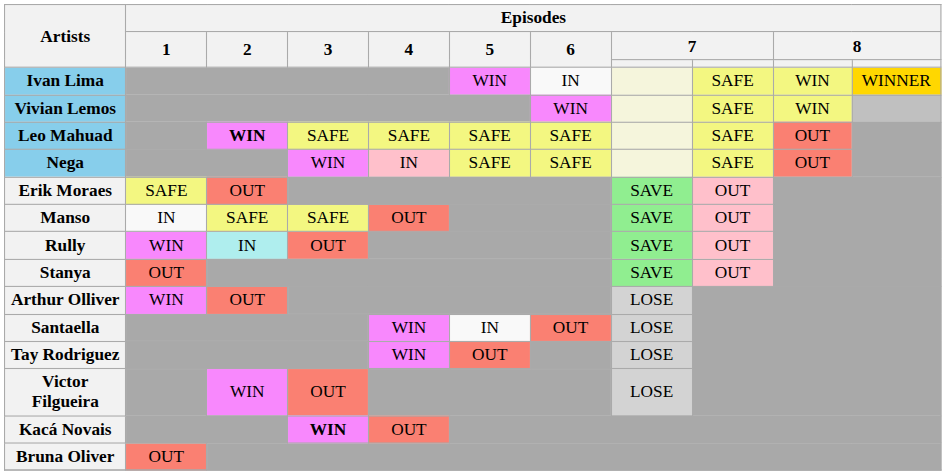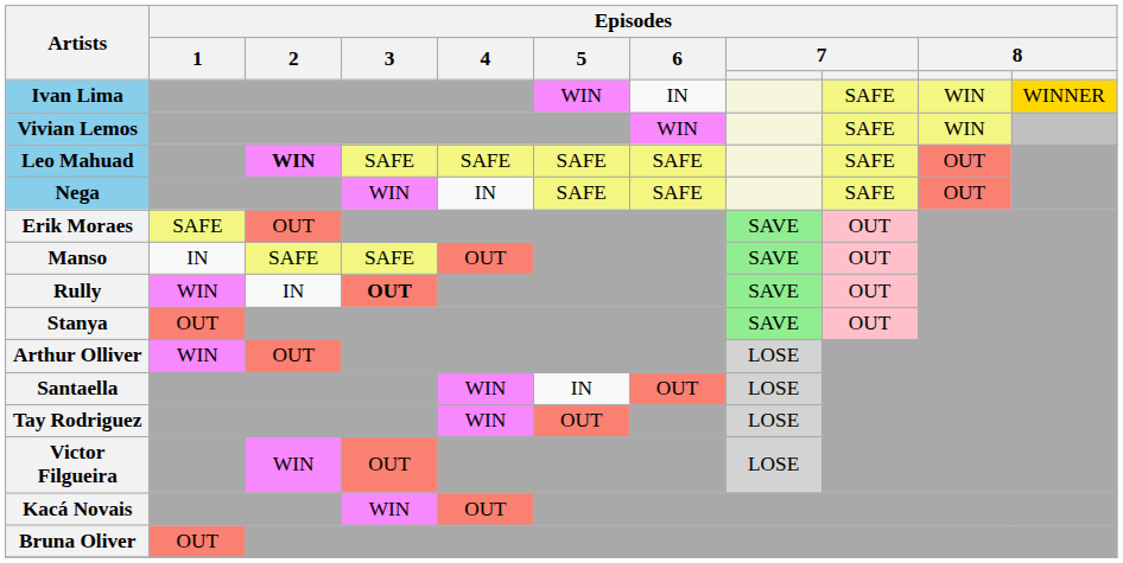 <table class="wikitable" style="text-align:center;">
 <tr>
 <th rowspan=03 width=120>Artists</th>
 <th colspan=10>Episodes</th>
 </tr>
 <tr>
 <th rowspan=2 width=80>1</th>
 <th rowspan=2 width=80>2</th>
 <th rowspan=2 width=80>3</th>
 <th rowspan=2 width=80>4</th>
 <th rowspan=2 width=80>5</th>
 <th rowspan=2 width=80>6</th>
 <th colspan=2>7</th>
 <th colspan=2>8</th>
 </tr>
 <tr>
 <th width=80></th>
 <th width=80></th>
 <th width=80></th>
 <th width=80></th>
 </tr>
 <tr>
 <td bgcolor=87CEEB><strong>Ivan Lima</strong></td>
 <td bgcolor=A9A9A9 colspan=4></td>
 <td bgcolor=F888FD>WIN</td>
 <td>IN</td>
 <td bgcolor=F5F5DC></td>
 <td bgcolor=F3F781>SAFE</td>
 <td bgcolor=F3F781>WIN</td>
 <td bgcolor=FFD700>WINNER</td>
 </tr>
 <tr>
 <td bgcolor=87CEEB><strong>Vivian Lemos</strong></td>
 <td bgcolor=A9A9A9 colspan=5></td>
 <td bgcolor=F888FD>WIN</td>
 <td bgcolor=F5F5DC></td>
 <td bgcolor=F3F781>SAFE</td>
 <td bgcolor=F3F781>WIN</td>
 <td bgcolor=C0C0C0></td>
 </tr>
 <tr>
 <td bgcolor=87CEEB><strong>Leo Mahuad</strong></td>
 <td bgcolor=A9A9A9></td>
 <td bgcolor=F888FD><strong>WIN</strong></td>
 <td bgcolor=F3F781>SAFE</td>
 <td bgcolor=F3F781>SAFE</td>
 <td bgcolor=F3F781>SAFE</td>
 <td bgcolor=F3F781>SAFE</td>
 <td bgcolor=F5F5DC></td>
 <td bgcolor=F3F781>SAFE</td>
 <td bgcolor=FA8072>OUT</td>
 <td bgcolor=A9A9A9 rowspan=2></td>
 </tr>
 <tr>
 <td bgcolor=87CEEB><strong>Nega</strong></td>
 <td bgcolor=A9A9A9 colspan=2></td>
 <td bgcolor=F888FD>WIN</td>
-<td style="background: pink;">IN</td>
+<td>IN</td>
 <td bgcolor=F3F781>SAFE</td>
 <td bgcolor=F3F781>SAFE</td>
 <td bgcolor=F5F5DC></td>
 <td bgcolor=F3F781>SAFE</td>
 <td bgcolor=FA8072>OUT</td>
 </tr>
 <tr>
 <th>Erik Moraes</th>
 <td bgcolor=F3F781>SAFE</td>
 <td bgcolor=FA8072>OUT</td>
 <td bgcolor=A9A9A9 colspan=4></td>
 <td bgcolor=90EE90>SAVE</td>
 <td bgcolor=FFC0CB>OUT</td>
 <td bgcolor=A9A9A9 colspan=2 rowspan=4></td>
 </tr>
 <tr>
 <th>Manso</th>
 <td>IN</td>
 <td bgcolor=F3F781>SAFE</td>
 <td bgcolor=F3F781>SAFE</td>
 <td bgcolor=FA8072>OUT</td>
 <td bgcolor=A9A9A9 colspan=2></td>
 <td bgcolor=90EE90>SAVE</td>
 <td bgcolor=FFC0CB>OUT</td>
 </tr>
 <tr>
 <th>Rully</th>
 <td bgcolor=F888FD>WIN</td>
-<td style="background: paleturquoise;">IN</td>
-<td bgcolor=FA8072>OUT</td>
+<td>IN</td>
+<td bgcolor=FA8072><strong>OUT</strong></td>
 <td bgcolor=A9A9A9 colspan=3></td>
 <td bgcolor=90EE90>SAVE</td>
 <td bgcolor=FFC0CB>OUT</td>
 </tr>
 <tr>
 <th>Stanya</th>
 <td bgcolor=FA8072>OUT</td>
 <td bgcolor=A9A9A9 colspan=5></td>
 <td bgcolor=90EE90>SAVE</td>
 <td bgcolor=FFC0CB>OUT</td>
 </tr>
 <tr>
 <th>Arthur Olliver</th>
 <td bgcolor=F888FD>WIN</td>
 <td bgcolor=FA8072>OUT</td>
 <td bgcolor=A9A9A9 colspan=4></td>
 <td bgcolor=D3D3D3>LOSE</td>
 <td bgcolor=A9A9A9 rowspan=4 colspan=3></td>
 </tr>
 <tr>
 <th>Santaella</th>
 <td bgcolor=A9A9A9 colspan=3></td>
 <td bgcolor=F888FD>WIN</td>
 <td>IN</td>
 <td bgcolor=FA8072>OUT</td>
 <td bgcolor=D3D3D3>LOSE</td>
 </tr>
 <tr>
 <th>Tay Rodriguez</th>
 <td bgcolor=A9A9A9 colspan=3></td>
 <td bgcolor=F888FD>WIN</td>
 <td bgcolor=FA8072>OUT</td>
 <td bgcolor=A9A9A9></td>
 <td bgcolor=D3D3D3>LOSE</td>
 </tr>
 <tr>
 <th>Victor Filgueira</th>
 <td bgcolor=A9A9A9></td>
 <td bgcolor=F888FD>WIN</td>
 <td bgcolor=FA8072>OUT</td>
 <td bgcolor=A9A9A9 colspan=3></td>
 <td bgcolor=D3D3D3>LOSE</td>
 </tr>
 <tr>
 <th>Kacá Novais</th>
 <td bgcolor=A9A9A9 colspan=2></td>
-<td bgcolor=F888FD><strong>WIN</strong></td>
+<td bgcolor=F888FD>WIN</td>
 <td bgcolor=FA8072>OUT</td>
 <td bgcolor=A9A9A9 colspan=6></td>
 </tr>
 <tr>
 <th>Bruna Oliver</th>
 <td bgcolor=FA8072>OUT</td>
 <td bgcolor=A9A9A9 colspan=9></td>
 </tr>
 <tr>
 </tr>
 </table>
